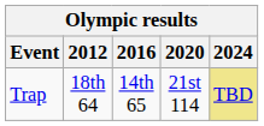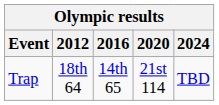 <table class="wikitable" style="text-align: center">
 <tr>
 <th colspan="5">Olympic results</th>
 </tr>
 <tr>
 <th>Event</th>
 <th>2012</th>
 <th>2016</th>
 <th>2020</th>
 <th>2024</th>
 </tr>
 <tr>
 <td align="left"><a href='#'>Trap</a></td>
 <td><a href='#'>18th</a><br>64</td>
 <td><a href='#'>14th</a><br>65</td>
 <td><a href='#'>21st</a><br>114</td>
-<td style="background: khaki;"><a href='#'>TBD</a></td>
+<td><a href='#'>TBD</a></td>
 </tr>
 </table>
